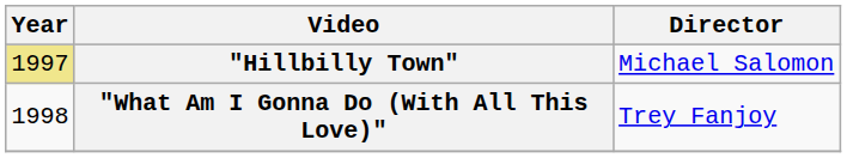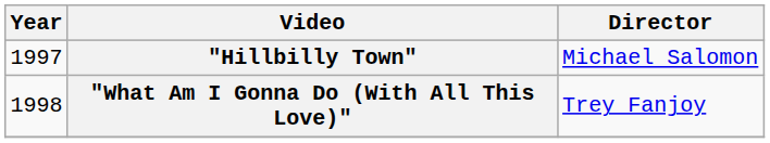 <table class="wikitable plainrowheaders">
 <tr>
 <th>Year</th>
 <th style="width:22em;">Video</th>
 <th>Director</th>
 </tr>
 <tr>
-<td style="background: khaki;">1997</td>
+<td>1997</td>
 <th scope="row">"Hillbilly Town"</th>
 <td><a href='#'>Michael Salomon</a></td>
 </tr>
 <tr>
 <td>1998</td>
 <th scope="row">"What Am I Gonna Do (With All This Love)"</th>
 <td><a href='#'>Trey Fanjoy</a></td>
 </tr>
 <tr>
 </tr>
 </table>
